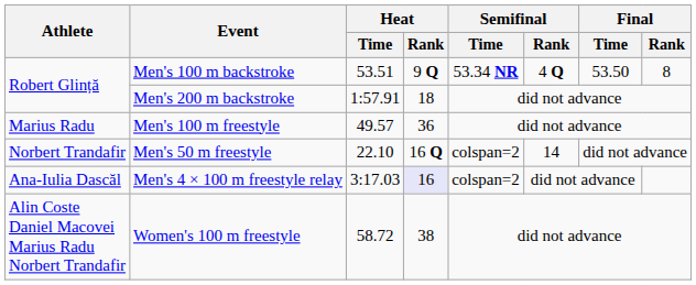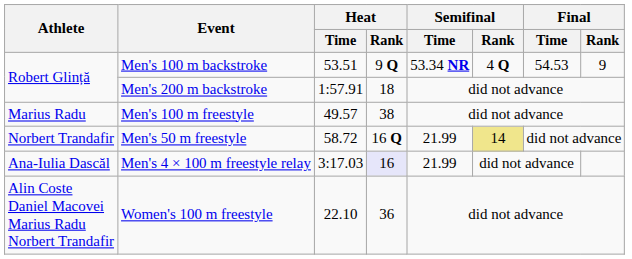 <table class=wikitable style="font-size:90%">
 <tr>
 <th rowspan="2">Athlete</th>
 <th rowspan="2">Event</th>
 <th colspan="2">Heat</th>
 <th colspan="2">Semifinal</th>
 <th colspan="2">Final</th>
 </tr>
 <tr style="font-size:95%">
 <th>Time</th>
 <th>Rank</th>
 <th>Time</th>
 <th>Rank</th>
 <th>Time</th>
 <th>Rank</th>
 </tr>
 <tr align=center>
 <td align=left rowspan=2><a href='#'>Robert Glință</a></td>
 <td align=left><a href='#'>Men's 100 m backstroke</a></td>
 <td>53.51</td>
 <td>9 <strong>Q</strong></td>
 <td>53.34 <strong><a href='#'>NR</a></strong></td>
 <td>4 <strong>Q</strong></td>
-<td>53.50</td>
-<td>8</td>
+<td>54.53</td>
+<td>9</td>
 </tr>
 <tr align=center>
 <td align=left><a href='#'>Men's 200 m backstroke</a></td>
 <td>1:57.91</td>
 <td>18</td>
 <td colspan=4>did not advance</td>
 </tr>
 <tr align=center>
 <td align=left><a href='#'>Marius Radu</a></td>
 <td align=left><a href='#'>Men's 100 m freestyle</a></td>
 <td>49.57</td>
-<td>36</td>
+<td>38</td>
 <td colspan=4>did not advance</td>
 </tr>
 <tr align=center>
 <td align=left><a href='#'>Norbert Trandafir</a></td>
 <td align=left><a href='#'>Men's 50 m freestyle</a></td>
-<td>22.10</td>
+<td>58.72</td>
 <td>16 <strong>Q</strong></td>
-<td>colspan=2 </td>
-<td>14</td>
+<td>21.99</td>
+<td style="background: khaki;">14</td>
 <td colspan=2>did not advance</td>
 </tr>
 <tr align=center>
 <td align=left><a href='#'>Ana-Iulia Dascăl</a></td>
 <td align=left><a href='#'>Men's 4 × 100 m freestyle relay</a></td>
 <td>3:17.03</td>
 <td style="background: lavender;">16</td>
-<td>colspan=2 </td>
+<td>21.99</td>
 <td colspan=2>did not advance</td>
 </tr>
 <tr align=center>
 <td align=left><a href='#'>Alin Coste</a><br><a href='#'>Daniel Macovei</a><br><a href='#'>Marius Radu</a><br><a href='#'>Norbert Trandafir</a></td>
 <td align=left><a href='#'>Women's 100 m freestyle</a></td>
-<td>58.72</td>
-<td>38</td>
+<td>22.10</td>
+<td>36</td>
 <td colspan=4>did not advance</td>
 </tr>
 </table>
